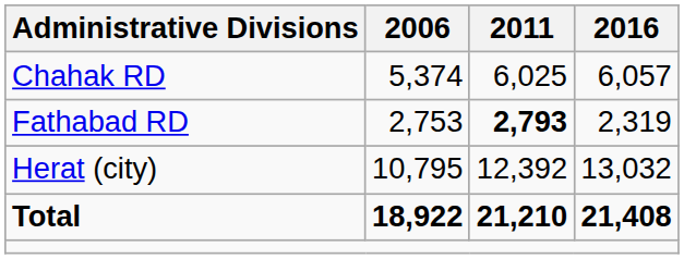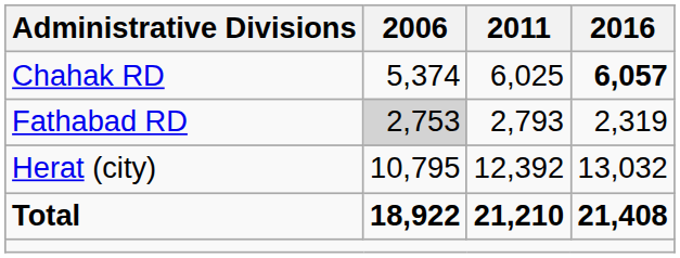 <table class="wikitable">
 <tr>
 <th>Administrative Divisions</th>
 <th>2006</th>
 <th>2011</th>
 <th>2016</th>
 </tr>
 <tr>
 <td><a href='#'>Chahak RD</a></td>
 <td style="text-align: right;">5,374</td>
 <td style="text-align: right;">6,025</td>
-<td style="text-align: right;">6,057</td>
+<td style="text-align: right;"><strong>6,057</strong></td>
 </tr>
 <tr>
 <td><a href='#'>Fathabad RD</a></td>
-<td style="text-align: right;">2,753</td>
-<td style="text-align: right;"><strong>2,793</strong></td>
+<td style="background: lightgrey; text-align: right;">2,753</td>
+<td style="text-align: right;">2,793</td>
 <td style="text-align: right;">2,319</td>
 </tr>
 <tr>
 <td><a href='#'>Herat</a> (city)</td>
 <td style="text-align: right;">10,795</td>
 <td style="text-align: right;">12,392</td>
 <td style="text-align: right;">13,032</td>
 </tr>
 <tr>
 <td><strong>Total</strong></td>
 <td style="text-align: right;"><strong>18,922</strong></td>
 <td style="text-align: right;"><strong>21,210</strong></td>
 <td style="text-align: right;"><strong>21,408</strong></td>
 </tr>
 <tr>
 <td colspan=4></td>
 </tr>
 </table>
